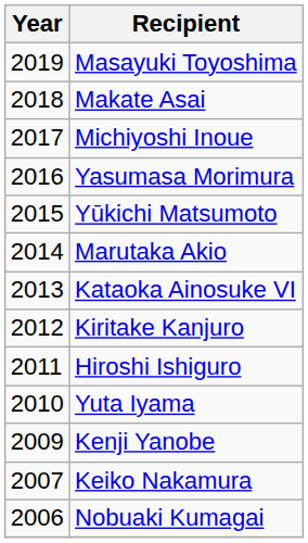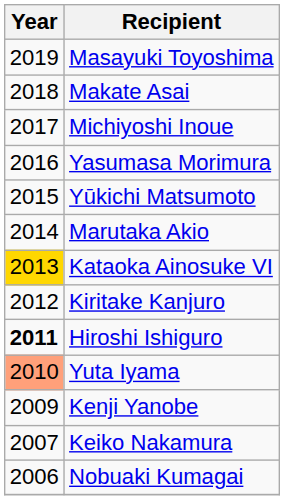 <table class="wikitable">
 <tr>
 <th>Year</th>
 <th>Recipient</th>
 </tr>
 <tr>
 <td>2019</td>
 <td><a href='#'>Masayuki Toyoshima</a></td>
 </tr>
 <tr>
 <td>2018</td>
 <td><a href='#'>Makate Asai</a></td>
 </tr>
 <tr>
 <td>2017</td>
 <td><a href='#'>Michiyoshi Inoue</a></td>
 </tr>
 <tr>
 <td>2016</td>
 <td><a href='#'>Yasumasa Morimura</a></td>
 </tr>
 <tr>
 <td>2015</td>
 <td><a href='#'>Yūkichi Matsumoto</a></td>
 </tr>
 <tr>
 <td>2014</td>
 <td><a href='#'>Marutaka Akio</a></td>
 </tr>
 <tr>
-<td>2013</td>
+<td style="background: gold;">2013</td>
 <td><a href='#'>Kataoka Ainosuke VI</a></td>
 </tr>
 <tr>
 <td>2012</td>
 <td><a href='#'>Kiritake Kanjuro</a></td>
 </tr>
 <tr>
-<td>2011</td>
+<td><strong>2011</strong></td>
 <td><a href='#'>Hiroshi Ishiguro</a></td>
 </tr>
 <tr>
-<td>2010</td>
+<td style="background: lightsalmon;">2010</td>
 <td><a href='#'>Yuta Iyama</a></td>
 </tr>
 <tr>
 <td>2009</td>
 <td><a href='#'>Kenji Yanobe</a></td>
 </tr>
 <tr>
 <td>2007</td>
 <td><a href='#'>Keiko Nakamura</a></td>
 </tr>
 <tr>
 <td>2006</td>
 <td><a href='#'>Nobuaki Kumagai</a></td>
 </tr>
 <tr>
 </tr>
 </table>
